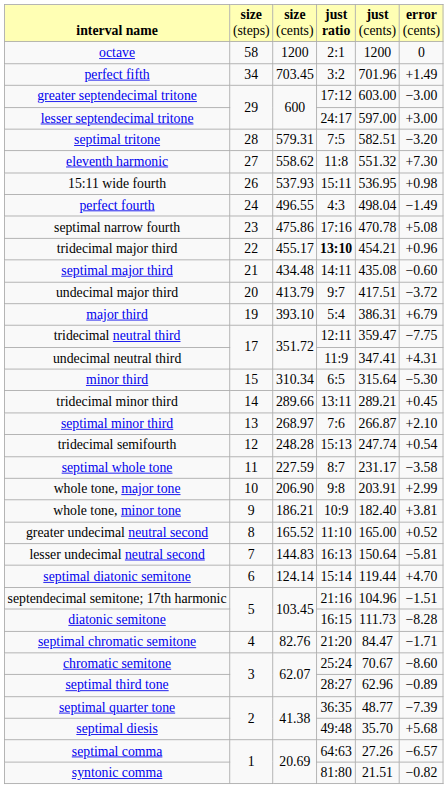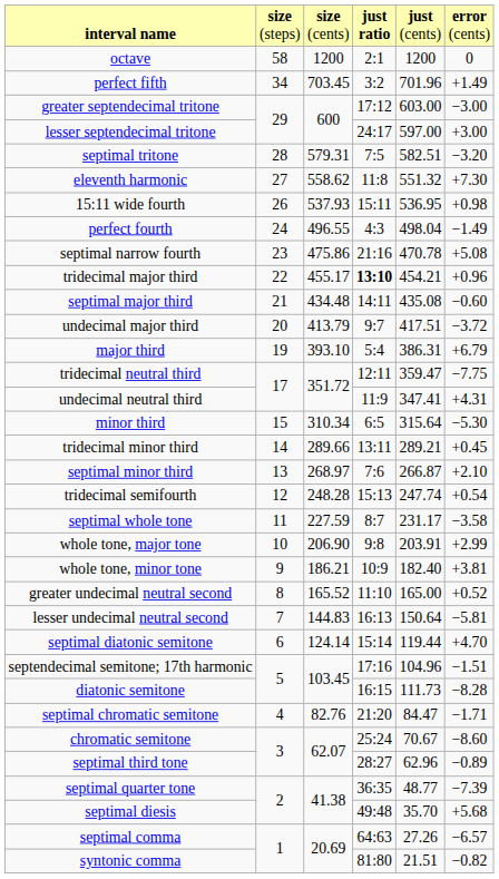 <table class="wikitable">
 <tr style="vertical-align:bottom;">
 <td align=center bgcolor="#ffffb4"><strong>interval name</strong></td>
 <td align=center bgcolor="#ffffb4"><strong>size</strong><br>(steps)</td>
 <td align=center bgcolor="#ffffb4"><strong>size</strong><br>(cents)</td>
 <td align=center bgcolor="#ffffb4"><strong>just<br>ratio</strong></td>
 <td align=center bgcolor="#ffffb4"><strong>just</strong><br>(cents)</td>
 <td align=center bgcolor="#ffffb4"><strong>error</strong><br>(cents)</td>
 </tr>
 <tr>
 <td align=center><a href='#'>octave</a></td>
 <td align=center>58</td>
 <td align=center>1200</td>
 <td align=center>2:1</td>
 <td align=center>1200</td>
 <td align=center>0</td>
 </tr>
 <tr>
 <td align=center><a href='#'>perfect fifth</a></td>
 <td align=center>34</td>
 <td align=center>703.45</td>
 <td align=center>3:2</td>
 <td align=center>701.96</td>
 <td align=center>+1.49</td>
 </tr>
 <tr>
 <td align=center><a href='#'>greater septendecimal tritone</a></td>
 <td rowspan=2 align=center>29</td>
 <td rowspan=2 align=center>600</td>
 <td align=center>17:12</td>
 <td align=center>603.00</td>
 <td align=center>−3.00</td>
 </tr>
 <tr>
 <td align=center><a href='#'>lesser septendecimal tritone</a><br> </td>
 <td align=center>24:17</td>
 <td align=center>597.00</td>
 <td align=center>+3.00</td>
 </tr>
 <tr>
 <td align=center><a href='#'>septimal tritone</a></td>
 <td align=center>28</td>
 <td align=center>579.31</td>
 <td align=center>7:5</td>
 <td align=center>582.51</td>
 <td align=center>−3.20</td>
 </tr>
 <tr>
 <td align=center><a href='#'>eleventh harmonic</a></td>
 <td align=center>27</td>
 <td align=center>558.62</td>
 <td align=center>11:8</td>
 <td align=center>551.32</td>
 <td align=center>+7.30</td>
 </tr>
 <tr>
 <td align=center>15:11 wide fourth</td>
 <td align=center>26</td>
 <td align=center>537.93</td>
 <td align=center>15:11</td>
 <td align=center>536.95</td>
 <td align=center>+0.98</td>
 </tr>
 <tr>
 <td align=center><a href='#'>perfect fourth</a></td>
 <td align=center>24</td>
 <td align=center>496.55</td>
 <td align=center>4:3</td>
 <td align=center>498.04</td>
 <td align=center>−1.49</td>
 </tr>
 <tr>
 <td align=center>septimal narrow fourth</td>
 <td align=center>23</td>
 <td align=center>475.86</td>
-<td align=center>17:16</td>
+<td align=center>21:16</td>
 <td align=center>470.78</td>
 <td align=center>+5.08</td>
 </tr>
 <tr>
 <td align=center>tridecimal major third</td>
 <td align=center>22</td>
 <td align=center>455.17</td>
 <td align=center><strong>13:10</strong></td>
 <td align=center>454.21</td>
 <td align=center>+0.96</td>
 </tr>
 <tr>
 <td align=center><a href='#'>septimal major third</a></td>
 <td align=center>21</td>
 <td align=center>434.48</td>
 <td align=center>14:11</td>
 <td align=center>435.08</td>
 <td align=center>−0.60</td>
 </tr>
 <tr>
 <td align=center>undecimal major third</td>
 <td align=center>20</td>
 <td align=center>413.79</td>
 <td align=center>9:7</td>
 <td align=center>417.51</td>
 <td align=center>−3.72</td>
 </tr>
 <tr>
 <td align=center><a href='#'>major third</a></td>
 <td align=center>19</td>
 <td align=center>393.10</td>
 <td align=center>5:4</td>
 <td align=center>386.31</td>
 <td align=center>+6.79</td>
 </tr>
 <tr>
 <td align=center>tridecimal <a href='#'>neutral third</a></td>
 <td rowspan=2 align=center>17</td>
 <td rowspan=2 align=center>351.72</td>
 <td align=center>12:11</td>
 <td align=center>359.47</td>
 <td align=center>−7.75</td>
 </tr>
 <tr>
 <td align=center>undecimal neutral third<br> </td>
 <td align=center>11:9</td>
 <td align=center>347.41</td>
 <td align=center>+4.31</td>
 </tr>
 <tr>
 <td align=center><a href='#'>minor third</a></td>
 <td align=center>15</td>
 <td align=center>310.34</td>
 <td align=center>6:5</td>
 <td align=center>315.64</td>
 <td align=center>−5.30</td>
 </tr>
 <tr>
 <td align=center>tridecimal minor third</td>
 <td align=center>14</td>
 <td align=center>289.66</td>
 <td align=center>13:11</td>
 <td align=center>289.21</td>
 <td align=center>+0.45</td>
 </tr>
 <tr>
 <td align=center><a href='#'>septimal minor third</a></td>
 <td align=center>13</td>
 <td align=center>268.97</td>
 <td align=center>7:6</td>
 <td align=center>266.87</td>
 <td align=center>+2.10</td>
 </tr>
 <tr>
 <td align=center>tridecimal semifourth</td>
 <td align=center>12</td>
 <td align=center>248.28</td>
 <td align=center>15:13</td>
 <td align=center>247.74</td>
 <td align=center>+0.54</td>
 </tr>
 <tr>
 <td align=center><a href='#'>septimal whole tone</a></td>
 <td align=center>11</td>
 <td align=center>227.59</td>
 <td align=center>8:7</td>
 <td align=center>231.17</td>
 <td align=center>−3.58</td>
 </tr>
 <tr>
 <td align=center>whole tone, <a href='#'>major tone</a></td>
 <td align=center>10</td>
 <td align=center>206.90</td>
 <td align=center>9:8</td>
 <td align=center>203.91</td>
 <td align=center>+2.99</td>
 </tr>
 <tr>
 <td align=center>whole tone, <a href='#'>minor tone</a></td>
 <td align=center>9</td>
 <td align=center>186.21</td>
 <td align=center>10:9</td>
 <td align=center>182.40</td>
 <td align=center>+3.81</td>
 </tr>
 <tr>
 <td align=center>greater undecimal <a href='#'>neutral second</a></td>
 <td align=center>8</td>
 <td align=center>165.52</td>
 <td align=center>11:10</td>
 <td align=center>165.00</td>
 <td align=center>+0.52</td>
 </tr>
 <tr>
 <td align=center>lesser undecimal <a href='#'>neutral second</a></td>
 <td align=center>7</td>
 <td align=center>144.83</td>
 <td align=center>16:13</td>
 <td align=center>150.64</td>
 <td align=center>−5.81</td>
 </tr>
 <tr>
 <td align=center><a href='#'>septimal diatonic semitone</a></td>
 <td align=center>6</td>
 <td align=center>124.14</td>
 <td align=center>15:14</td>
 <td align=center>119.44</td>
 <td align=center>+4.70</td>
 </tr>
 <tr>
 <td align=center>septendecimal semitone; 17th harmonic</td>
 <td align=center rowspan=2>5</td>
 <td align=center rowspan=2>103.45</td>
-<td align=center>21:16</td>
+<td align=center>17:16</td>
 <td align=center>104.96</td>
 <td align=center>−1.51</td>
 </tr>
 <tr>
 <td align=center><a href='#'>diatonic semitone</a></td>
 <td align=center>16:15</td>
 <td align=center>111.73</td>
 <td align=center>−8.28</td>
 </tr>
 <tr>
 <td align=center><a href='#'>septimal chromatic semitone</a></td>
 <td align=center>4</td>
 <td align=center>82.76</td>
 <td align=center>21:20</td>
 <td align=center>84.47</td>
 <td align=center>−1.71</td>
 </tr>
 <tr>
 <td align=center><a href='#'>chromatic semitone</a></td>
 <td align=center rowspan=2>3</td>
 <td align=center rowspan=2>62.07</td>
 <td align=center>25:24</td>
 <td align=center>70.67</td>
 <td align=center>−8.60</td>
 </tr>
 <tr>
 <td align=center><a href='#'>septimal third tone</a></td>
 <td align=center>28:27</td>
 <td align=center>62.96</td>
 <td align=center>−0.89</td>
 </tr>
 <tr>
 <td align=center><a href='#'>septimal quarter tone</a></td>
 <td align=center rowspan=2>2</td>
 <td align=center rowspan=2>41.38</td>
 <td align=center>36:35</td>
 <td align=center>48.77</td>
 <td align=center>−7.39</td>
 </tr>
 <tr>
 <td align=center><a href='#'>septimal diesis</a></td>
 <td align=center>49:48</td>
 <td align=center>35.70</td>
 <td align=center>+5.68</td>
 </tr>
 <tr>
 <td align=center><a href='#'>septimal comma</a></td>
 <td align=center rowspan=2>1</td>
 <td align=center rowspan=2>20.69</td>
 <td align=center>64:63</td>
 <td align=center>27.26</td>
 <td align=center>−6.57</td>
 </tr>
 <tr>
 <td align=center><a href='#'>syntonic comma</a></td>
 <td align=center>81:80</td>
 <td align=center>21.51</td>
 <td align=center>−0.82</td>
 </tr>
 </table>
